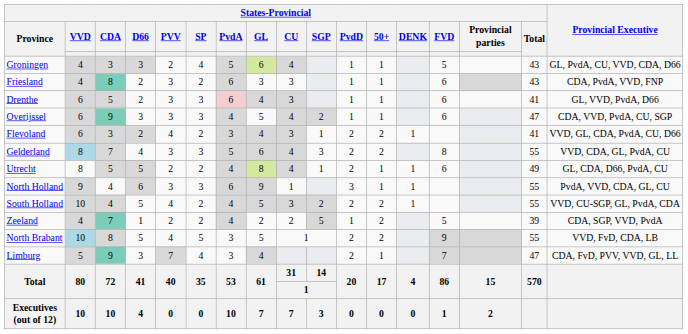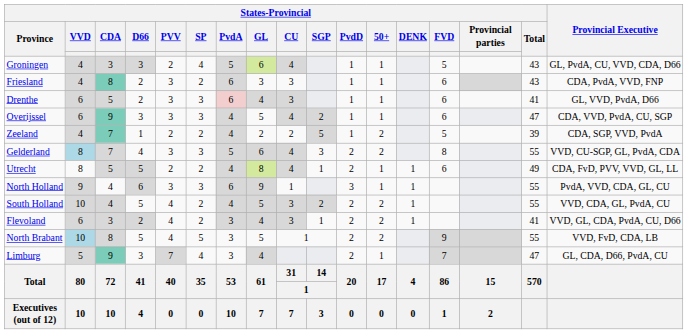 <table class="wikitable" style="text-align:center; font-size:95%; line-height:20px;">
 <tr>
 <th colspan="16"><a href='#'>States-Provincial</a></th>
 <th rowspan="3"><a href='#'>Provincial Executive</a></th>
 </tr>
 <tr>
 <th rowspan="2">Province</th>
 <th width="40"><a href='#'>VVD</a></th>
 <th width="40"><a href='#'>CDA</a></th>
 <th width="40"><a href='#'>D66</a></th>
 <th width="40"><a href='#'>PVV</a></th>
 <th width="40"><a href='#'>SP</a></th>
 <th width="40"><a href='#'>PvdA</a></th>
 <th width="40"><a href='#'>GL</a></th>
 <th width="40"><a href='#'>CU</a></th>
 <th width="40"><a href='#'>SGP</a></th>
 <th width="40"><a href='#'>PvdD</a></th>
 <th width="40"><a href='#'>50+</a></th>
 <th width="40"><a href='#'>DENK</a></th>
 <th width="40"><a href='#'>FVD</a></th>
 <th width="90">Provincial parties</th>
 <th rowspan="2">Total</th>
 </tr>
 <tr>
 <th style="color:inherit;background:"></th>
 <th style="color:inherit;background:"></th>
 <th style="color:inherit;background:"></th>
 <th style="color:inherit;background:"></th>
 <th style="color:inherit;background:"></th>
 <th style="color:inherit;background:"></th>
 <th style="color:inherit;background:"></th>
 <th style="color:inherit;background:"></th>
 <th style="color:inherit;background:"></th>
 <th style="color:inherit;background:"></th>
 <th style="color:inherit;background:"></th>
 <th style="color:inherit;background:"></th>
 <th style="color:inherit;background:"></th>
 <th style="color:inherit;background:"></th>
 </tr>
 <tr>
 <td align="left"><a href='#'>Groningen</a></td>
 <td style="background:#D8D8D8">4</td>
 <td style="background:#D8D8D8">3</td>
 <td style="background:#D8D8D8">3</td>
 <td>2</td>
 <td>4</td>
 <td style="background:#D8D8D8">5</td>
 <td style="background:#d3ea9e">6</td>
 <td style="background:#D8D8D8">4</td>
 <td style="color:inherit;background:#eaecf0;"></td>
 <td>1</td>
 <td>1</td>
 <td style="color:inherit;background:#eaecf0;"></td>
 <td>5</td>
 <td></td>
 <td>43</td>
 <td>GL, PvdA, CU, VVD, CDA, D66</td>
 </tr>
 <tr>
 <td align="left"><a href='#'>Friesland</a></td>
 <td style="background:#D8D8D8">4</td>
 <td style="background:#7bccb9">8</td>
 <td>2</td>
 <td>3</td>
 <td>2</td>
 <td style="background:#D8D8D8">6</td>
 <td>3</td>
 <td>3</td>
 <td style="color:inherit;background:#eaecf0;"></td>
 <td>1</td>
 <td>1</td>
 <td style="color:inherit;background:#eaecf0;"></td>
 <td>6</td>
 <td style="background:#D8D8D8"></td>
 <td>43</td>
 <td>CDA, PvdA, VVD, FNP</td>
 </tr>
 <tr>
 <td align="left"><a href='#'>Drenthe</a></td>
 <td style="background:#D8D8D8">6</td>
 <td style="background:#D8D8D8">5</td>
 <td>2</td>
 <td>3</td>
 <td>3</td>
 <td style="background:#F2CECE">6</td>
 <td style="background:#D8D8D8">4</td>
 <td style="background:#D8D8D8">3</td>
 <td style="color:inherit;background:#eaecf0;"></td>
 <td>1</td>
 <td>1</td>
 <td style="color:inherit;background:#eaecf0;"></td>
 <td>6</td>
 <td></td>
 <td>41</td>
 <td>GL, VVD, PvdA, D66</td>
 </tr>
 <tr>
 <td align="left"><a href='#'>Overijssel</a></td>
 <td style="background:#D8D8D8">6</td>
 <td style="background:#7bccb9">9</td>
 <td>3</td>
 <td>3</td>
 <td>3</td>
 <td style="background:#D8D8D8">4</td>
 <td>5</td>
 <td style="background:#D8D8D8">4</td>
 <td style="background:#D8D8D8">2</td>
 <td>1</td>
 <td>1</td>
 <td style="color:inherit;background:#eaecf0;"></td>
 <td>6</td>
 <td style="color:inherit;background:#eaecf0;"></td>
 <td>47</td>
 <td>CDA, VVD, PvdA, CU, SGP</td>
 </tr>
 <tr>
-<td align="left"><a href='#'>Flevoland</a></td>
-<td style="background:#D8D8D8">6</td>
-<td style="background:#D8D8D8">3</td>
-<td style="background:#D8D8D8">2</td>
-<td>4</td>
-<td>2</td>
-<td style="background:#D8D8D8">3</td>
+<td align="left"><a href='#'>Zeeland</a></td>
 <td style="background:#D8D8D8">4</td>
-<td style="background:#D8D8D8">3</td>
+<td style="background:#7bccb9">7</td>
 <td>1</td>
 <td>2</td>
 <td>2</td>
+<td style="background:#D8D8D8">4</td>
+<td>2</td>
+<td>2</td>
+<td style="background:#D8D8D8">5</td>
 <td>1</td>
+<td>2</td>
+<td style="color:inherit;background:#eaecf0;"></td>
+<td>5</td>
 <td></td>
-<td style="color:inherit;background:#eaecf0;"></td>
-<td>41</td>
-<td>VVD, GL, CDA, PvdA, CU, D66</td>
+<td>39</td>
+<td>CDA, SGP, VVD, PvdA</td>
 </tr>
 <tr>
 <td align="left"><a href='#'>Gelderland</a></td>
 <td style="background:lightblue">8</td>
 <td style="background:#D8D8D8">7</td>
 <td>4</td>
 <td>3</td>
 <td>3</td>
 <td style="background:#D8D8D8">5</td>
 <td style="background:#D8D8D8">6</td>
 <td style="background:#D8D8D8">4</td>
 <td>3</td>
 <td>2</td>
 <td>2</td>
 <td style="color:inherit;background:#eaecf0;"></td>
 <td>8</td>
 <td style="color:inherit;background:#eaecf0;"></td>
 <td>55</td>
-<td>VVD, CDA, GL, PvdA, CU</td>
+<td>VVD, CU-SGP, GL, PvdA, CDA</td>
 </tr>
 <tr>
 <td align="left"><a href='#'>Utrecht</a></td>
 <td>8</td>
 <td style="background:#D8D8D8">5</td>
 <td style="background:#D8D8D8">5</td>
 <td>2</td>
 <td>2</td>
 <td style="background:#D8D8D8">4</td>
 <td style="background:#d3ea9e">8</td>
 <td style="background:#D8D8D8">4</td>
 <td>1</td>
 <td>2</td>
 <td>1</td>
 <td>1</td>
 <td>6</td>
 <td style="color:inherit;background:#eaecf0;"></td>
 <td>49</td>
-<td>GL, CDA, D66, PvdA, CU</td>
+<td>CDA, FvD, PVV, VVD, GL, LL</td>
 </tr>
 <tr>
 <td align="left"><a href='#'>North Holland</a></td>
 <td style="background:#D8D8D8">9</td>
 <td>4</td>
 <td style="background:#D8D8D8">6</td>
 <td>3</td>
 <td>3</td>
 <td style="background:#D8D8D8">6</td>
 <td style="background:#D8D8D8">9</td>
 <td>1</td>
 <td style="color:inherit;background:#eaecf0;"></td>
 <td>3</td>
 <td>1</td>
 <td>1</td>
 <td></td>
 <td style="color:inherit;background:#eaecf0;"></td>
 <td>55</td>
 <td>PvdA, VVD, CDA, GL, CU</td>
 </tr>
 <tr>
 <td align="left"><a href='#'>South Holland</a></td>
 <td style="background:#D8D8D8">10</td>
 <td style="background:#D8D8D8">4</td>
 <td>5</td>
 <td>4</td>
 <td>2</td>
 <td style="background:#D8D8D8">4</td>
 <td style="background:#D8D8D8">5</td>
 <td style="background:#D8D8D8">3</td>
 <td style="background:#D8D8D8">2</td>
 <td>2</td>
 <td>2</td>
 <td>1</td>
 <td></td>
 <td style="color:inherit;background:#eaecf0;"></td>
 <td>55</td>
-<td>VVD, CU-SGP, GL, PvdA, CDA</td>
+<td>VVD, CDA, GL, PvdA, CU</td>
 </tr>
 <tr>
-<td align="left"><a href='#'>Zeeland</a></td>
+<td align="left"><a href='#'>Flevoland</a></td>
+<td style="background:#D8D8D8">6</td>
+<td style="background:#D8D8D8">3</td>
+<td style="background:#D8D8D8">2</td>
+<td>4</td>
+<td>2</td>
+<td style="background:#D8D8D8">3</td>
 <td style="background:#D8D8D8">4</td>
-<td style="background:#7bccb9">7</td>
+<td style="background:#D8D8D8">3</td>
 <td>1</td>
 <td>2</td>
 <td>2</td>
-<td style="background:#D8D8D8">4</td>
-<td>2</td>
-<td>2</td>
-<td style="background:#D8D8D8">5</td>
 <td>1</td>
-<td>2</td>
+<td></td>
 <td style="color:inherit;background:#eaecf0;"></td>
-<td>5</td>
-<td></td>
-<td>39</td>
-<td>CDA, SGP, VVD, PvdA</td>
+<td>41</td>
+<td>VVD, GL, CDA, PvdA, CU, D66</td>
 </tr>
 <tr>
 <td align="left"><a href='#'>North Brabant</a></td>
 <td style="background:lightblue">10</td>
 <td style="background:#D8D8D8">8</td>
 <td>5</td>
 <td>4</td>
 <td>5</td>
 <td>3</td>
 <td>5</td>
 <td colspan=2>1</td>
 <td>2</td>
 <td>2</td>
 <td style="color:inherit;background:#eaecf0;"></td>
 <td style="background:#D8D8D8">9</td>
 <td style="background:#D8D8D8"></td>
 <td>55</td>
 <td>VVD, FvD, CDA, LB</td>
 </tr>
 <tr>
 <td align="left"><a href='#'>Limburg</a></td>
 <td style="background:#D8D8D8">5</td>
 <td style="background:#7bccb9">9</td>
 <td>3</td>
 <td style="background:#D8D8D8">7</td>
 <td>4</td>
 <td>3</td>
 <td style="background:#D8D8D8">4</td>
 <td style="color:inherit;background:#eaecf0;"></td>
 <td style="color:inherit;background:#eaecf0;"></td>
 <td>2</td>
 <td>1</td>
 <td style="color:inherit;background:#eaecf0;"></td>
 <td style="background:#D8D8D8">7</td>
 <td style="background:#D8D8D8"></td>
 <td>47</td>
-<td>CDA, FvD, PVV, VVD, GL, LL</td>
+<td>GL, CDA, D66, PvdA, CU</td>
 </tr>
 <tr>
 <th rowspan="2">Total</th>
 <th rowspan="2">80</th>
 <th rowspan="2">72</th>
 <th rowspan="2">41</th>
 <th rowspan="2">40</th>
 <th rowspan="2">35</th>
 <th rowspan="2">53</th>
 <th rowspan="2">61</th>
 <th>31</th>
 <th>14</th>
 <th rowspan="2">20</th>
 <th rowspan="2">17</th>
 <th rowspan="2">4</th>
 <th rowspan="2">86</th>
 <th rowspan="2">15</th>
 <th rowspan="2">570</th>
 <th rowspan="2"></th>
 </tr>
 <tr>
 <th colspan="2">1</th>
 </tr>
 <tr>
 <th>Executives<br>(out of 12)</th>
 <th>10</th>
 <th>10</th>
 <th>4</th>
 <th>0</th>
 <th>0</th>
 <th>10</th>
 <th>7</th>
 <th>7</th>
 <th>3</th>
 <th>0</th>
 <th>0</th>
 <th>0</th>
 <th>1</th>
 <th>2</th>
 <th></th>
 <th></th>
 </tr>
 </table>
